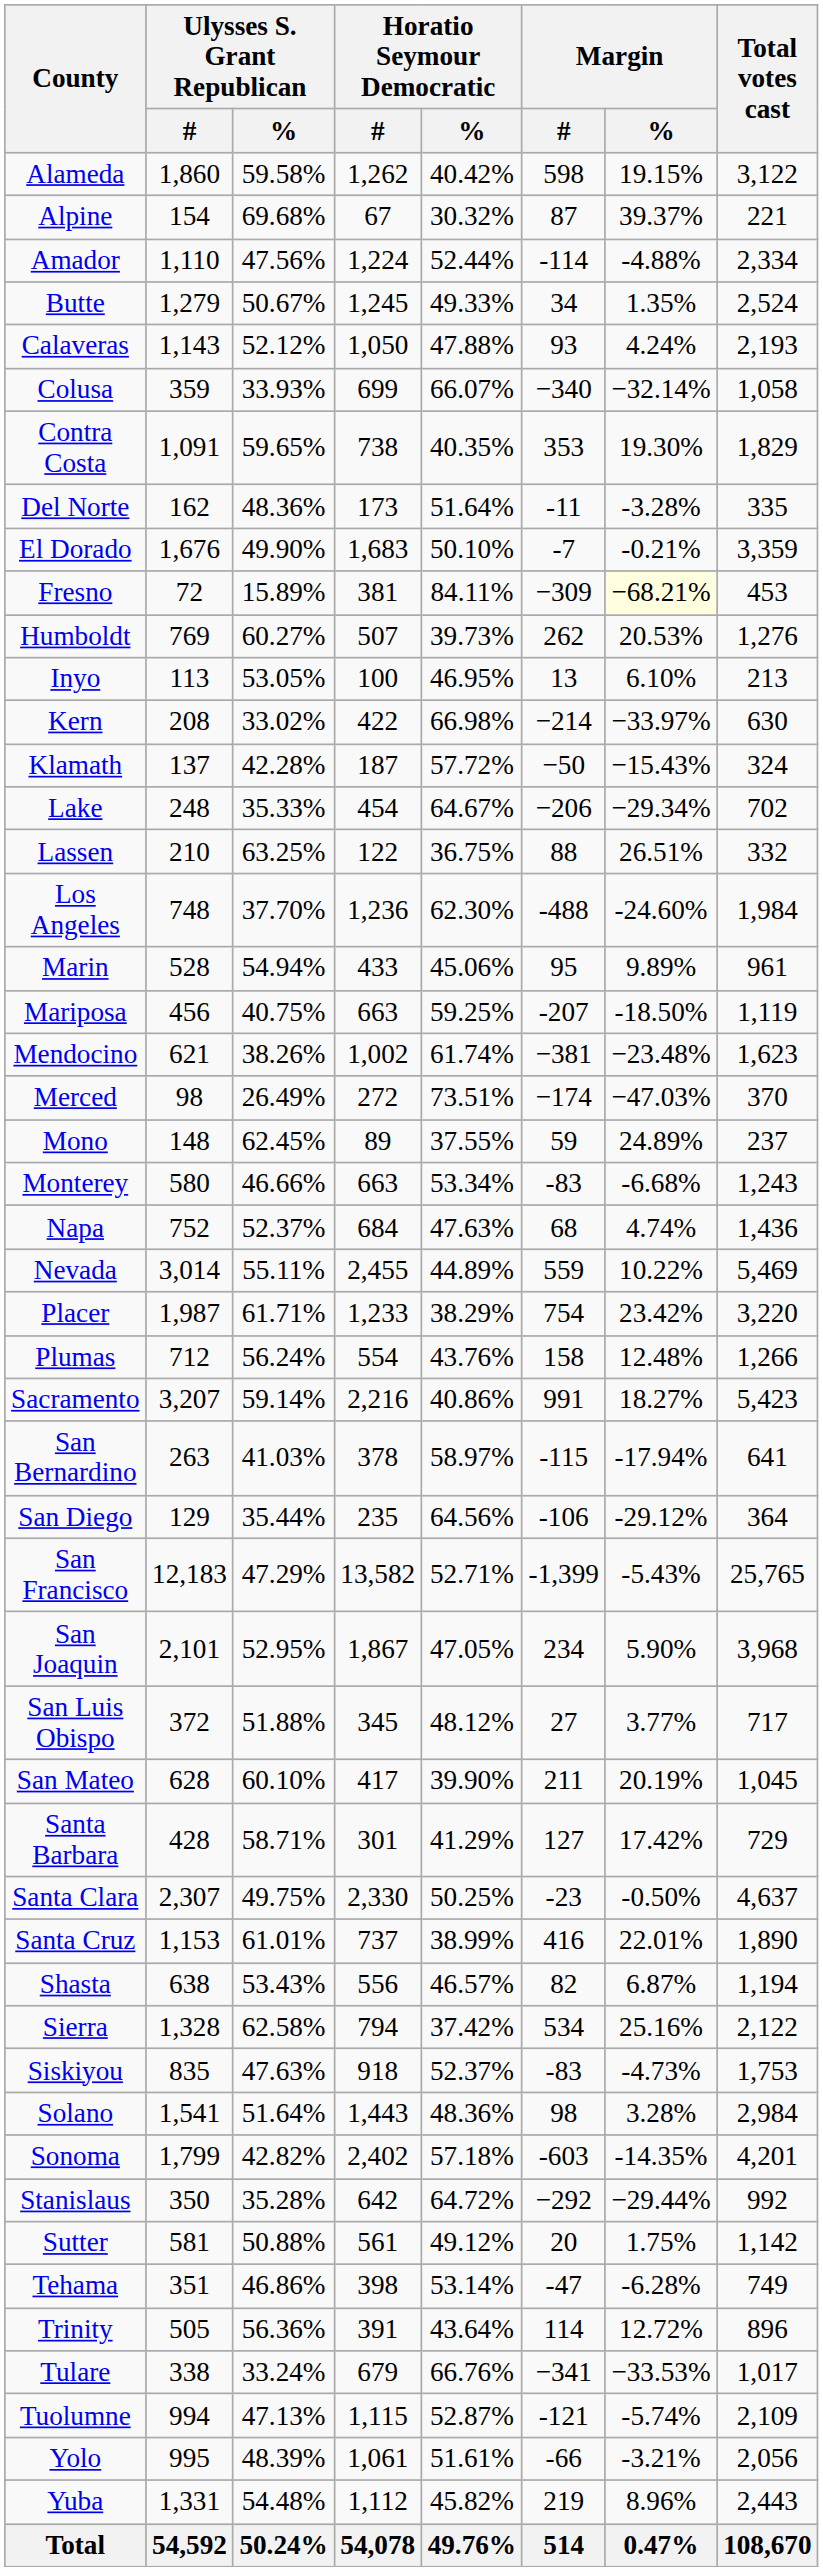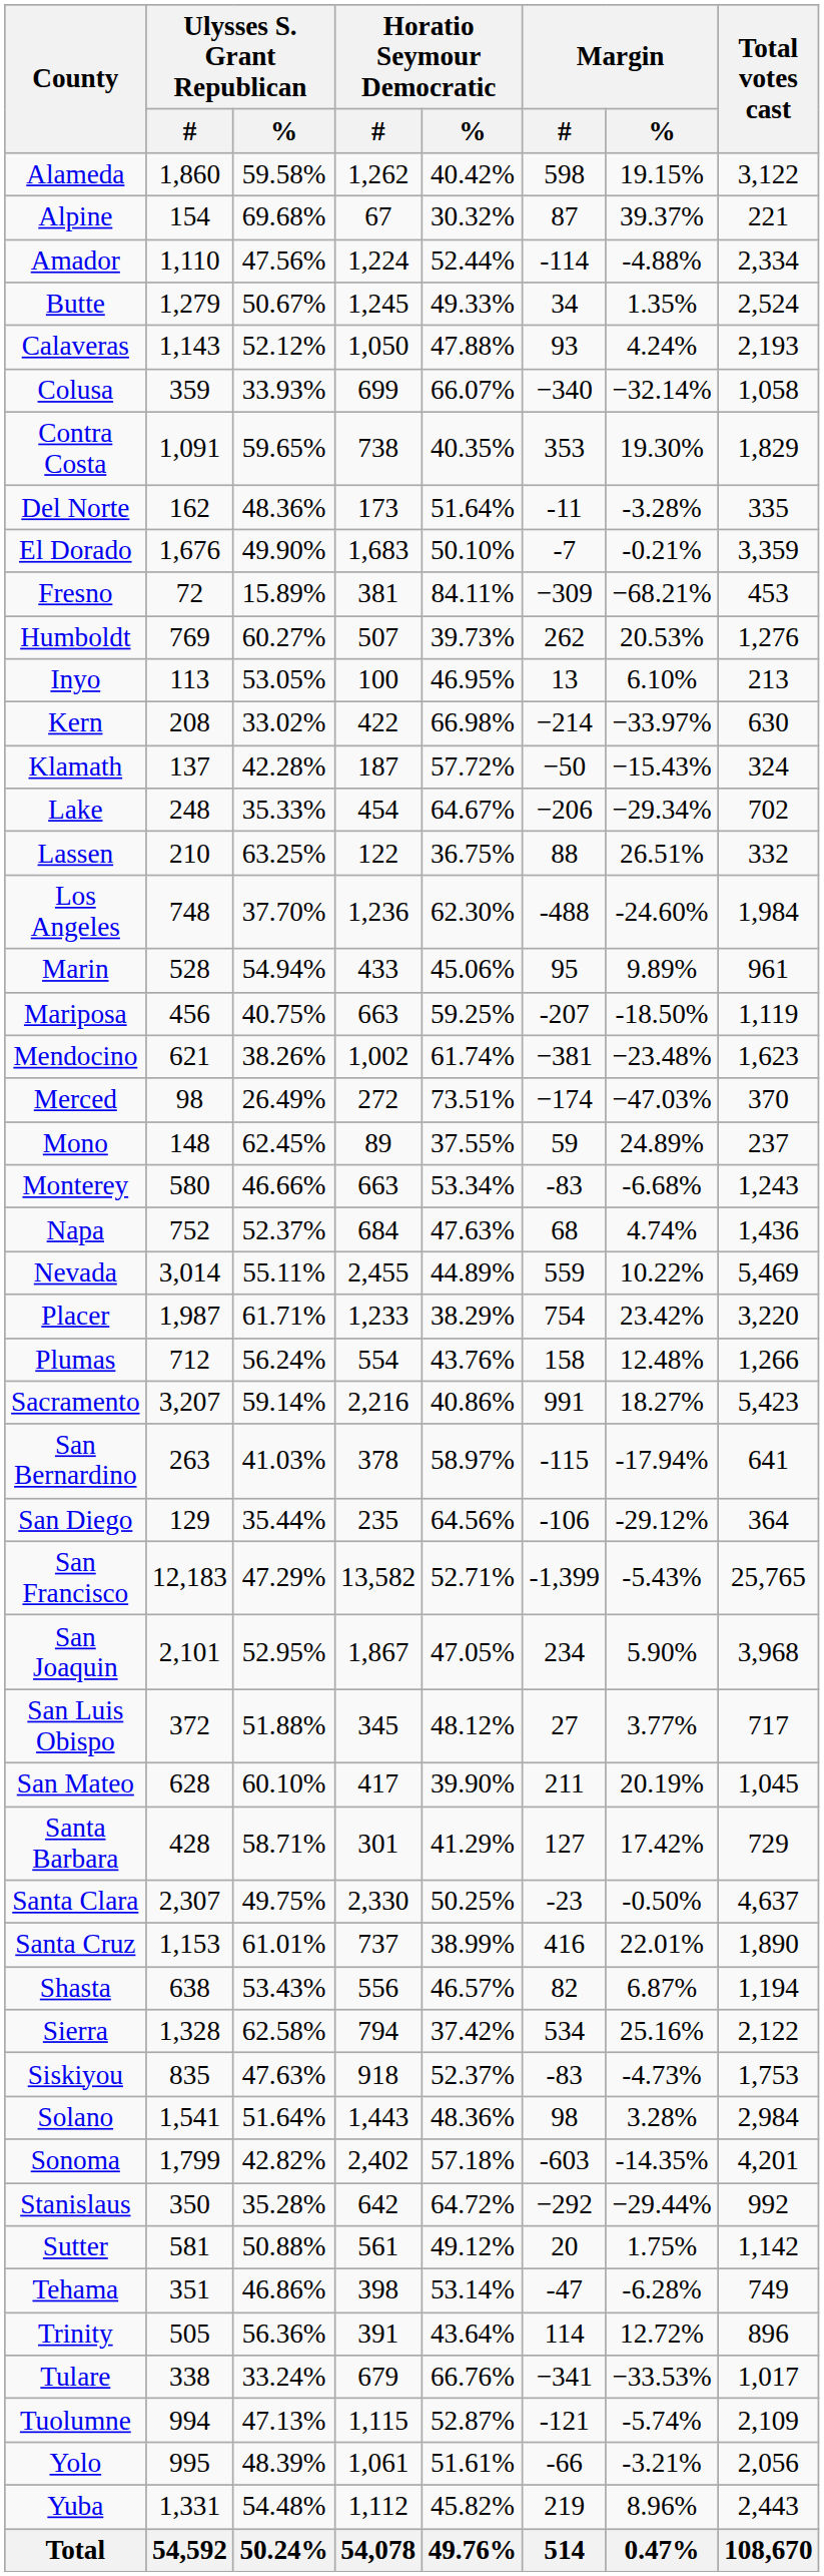 <table width="55%" class="wikitable sortable" style="text-align:center">
 <tr>
 <th rowspan="2" style="text-align:center;">County</th>
 <th colspan="2" style="text-align:center;">Ulysses S. Grant<br>Republican</th>
 <th colspan="2" style="text-align:center;">Horatio Seymour<br>Democratic</th>
 <th colspan="2" style="text-align:center;">Margin</th>
 <th rowspan="2" style="text-align:center;">Total votes cast</th>
 </tr>
 <tr>
 <th style="text-align:center;" data-sort-type="number">#</th>
 <th style="text-align:center;" data-sort-type="number">%</th>
 <th style="text-align:center;" data-sort-type="number">#</th>
 <th style="text-align:center;" data-sort-type="number">%</th>
 <th style="text-align:center;" data-sort-type="number">#</th>
 <th style="text-align:center;" data-sort-type="number">%</th>
 </tr>
 <tr style="text-align:center;">
 <td><a href='#'>Alameda</a></td>
 <td>1,860</td>
 <td>59.58%</td>
 <td>1,262</td>
 <td>40.42%</td>
 <td>598</td>
 <td>19.15%</td>
 <td>3,122</td>
 </tr>
 <tr style="text-align:center;">
 <td><a href='#'>Alpine</a></td>
 <td>154</td>
 <td>69.68%</td>
 <td>67</td>
 <td>30.32%</td>
 <td>87</td>
 <td>39.37%</td>
 <td>221</td>
 </tr>
 <tr style="text-align:center;">
 <td><a href='#'>Amador</a></td>
 <td>1,110</td>
 <td>47.56%</td>
 <td>1,224</td>
 <td>52.44%</td>
 <td>-114</td>
 <td>-4.88%</td>
 <td>2,334</td>
 </tr>
 <tr style="text-align:center;">
 <td><a href='#'>Butte</a></td>
 <td>1,279</td>
 <td>50.67%</td>
 <td>1,245</td>
 <td>49.33%</td>
 <td>34</td>
 <td>1.35%</td>
 <td>2,524</td>
 </tr>
 <tr style="text-align:center;">
 <td><a href='#'>Calaveras</a></td>
 <td>1,143</td>
 <td>52.12%</td>
 <td>1,050</td>
 <td>47.88%</td>
 <td>93</td>
 <td>4.24%</td>
 <td>2,193</td>
 </tr>
 <tr style="text-align:center;">
 <td><a href='#'>Colusa</a></td>
 <td>359</td>
 <td>33.93%</td>
 <td>699</td>
 <td>66.07%</td>
 <td>−340</td>
 <td>−32.14%</td>
 <td>1,058</td>
 </tr>
 <tr style="text-align:center;">
 <td><a href='#'>Contra Costa</a></td>
 <td>1,091</td>
 <td>59.65%</td>
 <td>738</td>
 <td>40.35%</td>
 <td>353</td>
 <td>19.30%</td>
 <td>1,829</td>
 </tr>
 <tr style="text-align:center;">
 <td><a href='#'>Del Norte</a></td>
 <td>162</td>
 <td>48.36%</td>
 <td>173</td>
 <td>51.64%</td>
 <td>-11</td>
 <td>-3.28%</td>
 <td>335</td>
 </tr>
 <tr style="text-align:center;">
 <td><a href='#'>El Dorado</a></td>
 <td>1,676</td>
 <td>49.90%</td>
 <td>1,683</td>
 <td>50.10%</td>
 <td>-7</td>
 <td>-0.21%</td>
 <td>3,359</td>
 </tr>
 <tr style="text-align:center;">
 <td><a href='#'>Fresno</a></td>
 <td>72</td>
 <td>15.89%</td>
 <td>381</td>
 <td>84.11%</td>
 <td>−309</td>
-<td style="background: lightyellow;">−68.21%</td>
+<td>−68.21%</td>
 <td>453</td>
 </tr>
 <tr style="text-align:center;">
 <td><a href='#'>Humboldt</a></td>
 <td>769</td>
 <td>60.27%</td>
 <td>507</td>
 <td>39.73%</td>
 <td>262</td>
 <td>20.53%</td>
 <td>1,276</td>
 </tr>
 <tr style="text-align:center;">
 <td><a href='#'>Inyo</a></td>
 <td>113</td>
 <td>53.05%</td>
 <td>100</td>
 <td>46.95%</td>
 <td>13</td>
 <td>6.10%</td>
 <td>213</td>
 </tr>
 <tr style="text-align:center;">
 <td><a href='#'>Kern</a></td>
 <td>208</td>
 <td>33.02%</td>
 <td>422</td>
 <td>66.98%</td>
 <td>−214</td>
 <td>−33.97%</td>
 <td>630</td>
 </tr>
 <tr style="text-align:center;">
 <td><a href='#'>Klamath</a></td>
 <td>137</td>
 <td>42.28%</td>
 <td>187</td>
 <td>57.72%</td>
 <td>−50</td>
 <td>−15.43%</td>
 <td>324</td>
 </tr>
 <tr style="text-align:center;">
 <td><a href='#'>Lake</a></td>
 <td>248</td>
 <td>35.33%</td>
 <td>454</td>
 <td>64.67%</td>
 <td>−206</td>
 <td>−29.34%</td>
 <td>702</td>
 </tr>
 <tr style="text-align:center;">
 <td><a href='#'>Lassen</a></td>
 <td>210</td>
 <td>63.25%</td>
 <td>122</td>
 <td>36.75%</td>
 <td>88</td>
 <td>26.51%</td>
 <td>332</td>
 </tr>
 <tr style="text-align:center;">
 <td><a href='#'>Los Angeles</a></td>
 <td>748</td>
 <td>37.70%</td>
 <td>1,236</td>
 <td>62.30%</td>
 <td>-488</td>
 <td>-24.60%</td>
 <td>1,984</td>
 </tr>
 <tr style="text-align:center;">
 <td><a href='#'>Marin</a></td>
 <td>528</td>
 <td>54.94%</td>
 <td>433</td>
 <td>45.06%</td>
 <td>95</td>
 <td>9.89%</td>
 <td>961</td>
 </tr>
 <tr style="text-align:center;">
 <td><a href='#'>Mariposa</a></td>
 <td>456</td>
 <td>40.75%</td>
 <td>663</td>
 <td>59.25%</td>
 <td>-207</td>
 <td>-18.50%</td>
 <td>1,119</td>
 </tr>
 <tr style="text-align:center;">
 <td><a href='#'>Mendocino</a></td>
 <td>621</td>
 <td>38.26%</td>
 <td>1,002</td>
 <td>61.74%</td>
 <td>−381</td>
 <td>−23.48%</td>
 <td>1,623</td>
 </tr>
 <tr style="text-align:center;">
 <td><a href='#'>Merced</a></td>
 <td>98</td>
 <td>26.49%</td>
 <td>272</td>
 <td>73.51%</td>
 <td>−174</td>
 <td>−47.03%</td>
 <td>370</td>
 </tr>
 <tr style="text-align:center;">
 <td><a href='#'>Mono</a></td>
 <td>148</td>
 <td>62.45%</td>
 <td>89</td>
 <td>37.55%</td>
 <td>59</td>
 <td>24.89%</td>
 <td>237</td>
 </tr>
 <tr style="text-align:center;">
 <td><a href='#'>Monterey</a></td>
 <td>580</td>
 <td>46.66%</td>
 <td>663</td>
 <td>53.34%</td>
 <td>-83</td>
 <td>-6.68%</td>
 <td>1,243</td>
 </tr>
 <tr style="text-align:center;">
 <td><a href='#'>Napa</a></td>
 <td>752</td>
 <td>52.37%</td>
 <td>684</td>
 <td>47.63%</td>
 <td>68</td>
 <td>4.74%</td>
 <td>1,436</td>
 </tr>
 <tr style="text-align:center;">
 <td><a href='#'>Nevada</a></td>
 <td>3,014</td>
 <td>55.11%</td>
 <td>2,455</td>
 <td>44.89%</td>
 <td>559</td>
 <td>10.22%</td>
 <td>5,469</td>
 </tr>
 <tr style="text-align:center;">
 <td><a href='#'>Placer</a></td>
 <td>1,987</td>
 <td>61.71%</td>
 <td>1,233</td>
 <td>38.29%</td>
 <td>754</td>
 <td>23.42%</td>
 <td>3,220</td>
 </tr>
 <tr style="text-align:center;">
 <td><a href='#'>Plumas</a></td>
 <td>712</td>
 <td>56.24%</td>
 <td>554</td>
 <td>43.76%</td>
 <td>158</td>
 <td>12.48%</td>
 <td>1,266</td>
 </tr>
 <tr style="text-align:center;">
 <td><a href='#'>Sacramento</a></td>
 <td>3,207</td>
 <td>59.14%</td>
 <td>2,216</td>
 <td>40.86%</td>
 <td>991</td>
 <td>18.27%</td>
 <td>5,423</td>
 </tr>
 <tr style="text-align:center;">
 <td><a href='#'>San Bernardino</a></td>
 <td>263</td>
 <td>41.03%</td>
 <td>378</td>
 <td>58.97%</td>
 <td>-115</td>
 <td>-17.94%</td>
 <td>641</td>
 </tr>
 <tr style="text-align:center;">
 <td><a href='#'>San Diego</a></td>
 <td>129</td>
 <td>35.44%</td>
 <td>235</td>
 <td>64.56%</td>
 <td>-106</td>
 <td>-29.12%</td>
 <td>364</td>
 </tr>
 <tr style="text-align:center;">
 <td><a href='#'>San Francisco</a></td>
 <td>12,183</td>
 <td>47.29%</td>
 <td>13,582</td>
 <td>52.71%</td>
 <td>-1,399</td>
 <td>-5.43%</td>
 <td>25,765</td>
 </tr>
 <tr style="text-align:center;">
 <td><a href='#'>San Joaquin</a></td>
 <td>2,101</td>
 <td>52.95%</td>
 <td>1,867</td>
 <td>47.05%</td>
 <td>234</td>
 <td>5.90%</td>
 <td>3,968</td>
 </tr>
 <tr style="text-align:center;">
 <td><a href='#'>San Luis Obispo</a></td>
 <td>372</td>
 <td>51.88%</td>
 <td>345</td>
 <td>48.12%</td>
 <td>27</td>
 <td>3.77%</td>
 <td>717</td>
 </tr>
 <tr style="text-align:center;">
 <td><a href='#'>San Mateo</a></td>
 <td>628</td>
 <td>60.10%</td>
 <td>417</td>
 <td>39.90%</td>
 <td>211</td>
 <td>20.19%</td>
 <td>1,045</td>
 </tr>
 <tr style="text-align:center;">
 <td><a href='#'>Santa Barbara</a></td>
 <td>428</td>
 <td>58.71%</td>
 <td>301</td>
 <td>41.29%</td>
 <td>127</td>
 <td>17.42%</td>
 <td>729</td>
 </tr>
 <tr style="text-align:center;">
 <td><a href='#'>Santa Clara</a></td>
 <td>2,307</td>
 <td>49.75%</td>
 <td>2,330</td>
 <td>50.25%</td>
 <td>-23</td>
 <td>-0.50%</td>
 <td>4,637</td>
 </tr>
 <tr style="text-align:center;">
 <td><a href='#'>Santa Cruz</a></td>
 <td>1,153</td>
 <td>61.01%</td>
 <td>737</td>
 <td>38.99%</td>
 <td>416</td>
 <td>22.01%</td>
 <td>1,890</td>
 </tr>
 <tr style="text-align:center;">
 <td><a href='#'>Shasta</a></td>
 <td>638</td>
 <td>53.43%</td>
 <td>556</td>
 <td>46.57%</td>
 <td>82</td>
 <td>6.87%</td>
 <td>1,194</td>
 </tr>
 <tr style="text-align:center;">
 <td><a href='#'>Sierra</a></td>
 <td>1,328</td>
 <td>62.58%</td>
 <td>794</td>
 <td>37.42%</td>
 <td>534</td>
 <td>25.16%</td>
 <td>2,122</td>
 </tr>
 <tr style="text-align:center;">
 <td><a href='#'>Siskiyou</a></td>
 <td>835</td>
 <td>47.63%</td>
 <td>918</td>
 <td>52.37%</td>
 <td>-83</td>
 <td>-4.73%</td>
 <td>1,753</td>
 </tr>
 <tr style="text-align:center;">
 <td><a href='#'>Solano</a></td>
 <td>1,541</td>
 <td>51.64%</td>
 <td>1,443</td>
 <td>48.36%</td>
 <td>98</td>
 <td>3.28%</td>
 <td>2,984</td>
 </tr>
 <tr style="text-align:center;">
 <td><a href='#'>Sonoma</a></td>
 <td>1,799</td>
 <td>42.82%</td>
 <td>2,402</td>
 <td>57.18%</td>
 <td>-603</td>
 <td>-14.35%</td>
 <td>4,201</td>
 </tr>
 <tr style="text-align:center;">
 <td><a href='#'>Stanislaus</a></td>
 <td>350</td>
 <td>35.28%</td>
 <td>642</td>
 <td>64.72%</td>
 <td>−292</td>
 <td>−29.44%</td>
 <td>992</td>
 </tr>
 <tr style="text-align:center;">
 <td><a href='#'>Sutter</a></td>
 <td>581</td>
 <td>50.88%</td>
 <td>561</td>
 <td>49.12%</td>
 <td>20</td>
 <td>1.75%</td>
 <td>1,142</td>
 </tr>
 <tr style="text-align:center;">
 <td><a href='#'>Tehama</a></td>
 <td>351</td>
 <td>46.86%</td>
 <td>398</td>
 <td>53.14%</td>
 <td>-47</td>
 <td>-6.28%</td>
 <td>749</td>
 </tr>
 <tr style="text-align:center;">
 <td><a href='#'>Trinity</a></td>
 <td>505</td>
 <td>56.36%</td>
 <td>391</td>
 <td>43.64%</td>
 <td>114</td>
 <td>12.72%</td>
 <td>896</td>
 </tr>
 <tr style="text-align:center;">
 <td><a href='#'>Tulare</a></td>
 <td>338</td>
 <td>33.24%</td>
 <td>679</td>
 <td>66.76%</td>
 <td>−341</td>
 <td>−33.53%</td>
 <td>1,017</td>
 </tr>
 <tr style="text-align:center;">
 <td><a href='#'>Tuolumne</a></td>
 <td>994</td>
 <td>47.13%</td>
 <td>1,115</td>
 <td>52.87%</td>
 <td>-121</td>
 <td>-5.74%</td>
 <td>2,109</td>
 </tr>
 <tr style="text-align:center;">
 <td><a href='#'>Yolo</a></td>
 <td>995</td>
 <td>48.39%</td>
 <td>1,061</td>
 <td>51.61%</td>
 <td>-66</td>
 <td>-3.21%</td>
 <td>2,056</td>
 </tr>
 <tr style="text-align:center;">
 <td><a href='#'>Yuba</a></td>
 <td>1,331</td>
 <td>54.48%</td>
 <td>1,112</td>
 <td>45.82%</td>
 <td>219</td>
 <td>8.96%</td>
 <td>2,443</td>
 </tr>
 <tr>
 <th>Total</th>
 <th>54,592</th>
 <th>50.24%</th>
 <th>54,078</th>
 <th>49.76%</th>
 <th>514</th>
 <th>0.47%</th>
 <th>108,670</th>
 </tr>
 </table>
